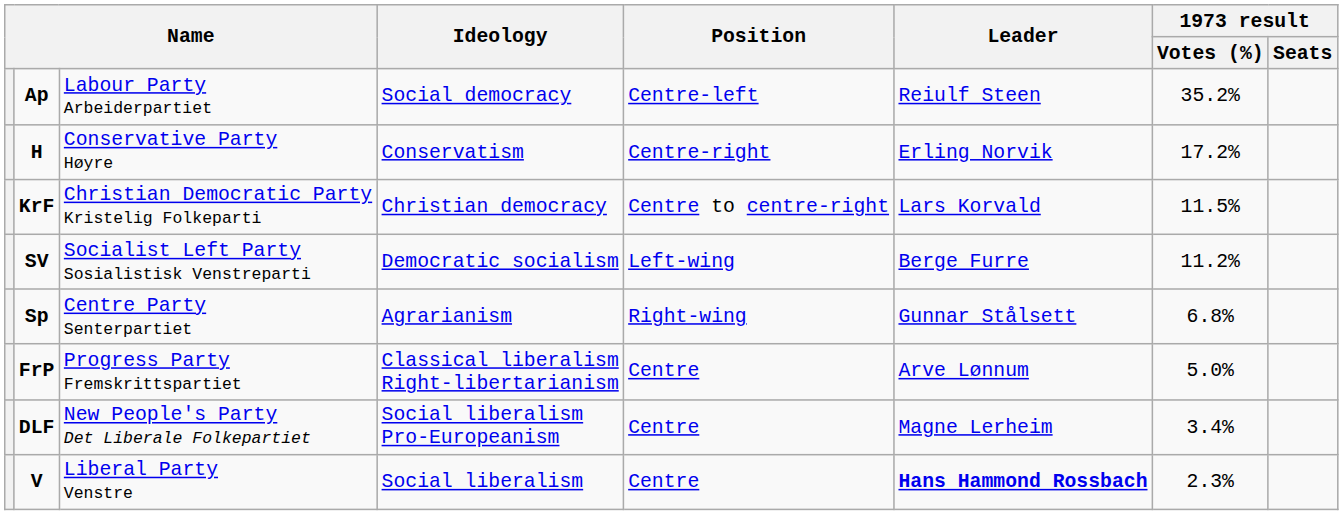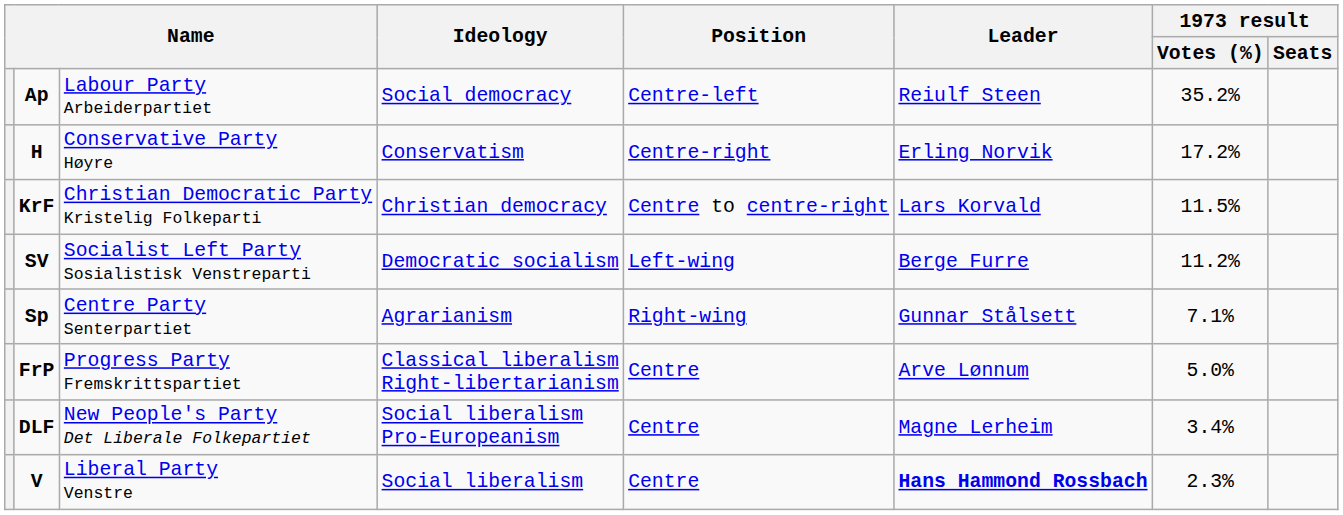 <table class="wikitable">
 <tr>
 <th rowspan=2 colspan=3 width=225px>Name</th>
 <th rowspan=2>Ideology</th>
 <th rowspan=2>Position</th>
 <th rowspan=2>Leader</th>
 <th colspan=2>1973 result</th>
 </tr>
 <tr>
 <th>Votes (%)</th>
 <th>Seats</th>
 </tr>
 <tr>
 <th style="background:"></th>
 <td align=center><strong>Ap</strong></td>
 <td><a href='#'>Labour Party</a><br><small>Arbeiderpartiet</small></td>
 <td><a href='#'>Social democracy</a></td>
 <td><a href='#'>Centre-left</a></td>
 <td><a href='#'>Reiulf Steen</a></td>
 <td align=center>35.2%</td>
 <td></td>
 </tr>
 <tr>
 <th style="background:"></th>
 <td align=center><strong>H</strong></td>
 <td><a href='#'>Conservative Party</a><br><small>Høyre</small></td>
 <td><a href='#'>Conservatism</a></td>
 <td><a href='#'>Centre-right</a></td>
 <td><a href='#'>Erling Norvik</a></td>
 <td align=center>17.2%</td>
 <td></td>
 </tr>
 <tr>
 <th style="background:"></th>
 <td align="center"><strong>KrF</strong></td>
 <td><a href='#'>Christian Democratic Party</a><br><small>Kristelig Folkeparti</small></td>
 <td><a href='#'>Christian democracy</a></td>
 <td><a href='#'>Centre</a> to <a href='#'>centre-right</a></td>
 <td><a href='#'>Lars Korvald</a></td>
 <td align="center">11.5%</td>
 <td></td>
 </tr>
 <tr>
 <th style="background:"></th>
 <td align="center"><strong>SV</strong></td>
 <td><a href='#'>Socialist Left Party</a><br><small>Sosialistisk Venstreparti</small></td>
 <td><a href='#'>Democratic socialism</a></td>
 <td><a href='#'>Left-wing</a></td>
 <td><a href='#'>Berge Furre</a></td>
 <td align="center">11.2%</td>
 <td></td>
 </tr>
 <tr>
 <th style="background:"></th>
 <td align="center"><strong>Sp</strong></td>
 <td><a href='#'>Centre Party</a><br><small>Senterpartiet</small></td>
 <td><a href='#'>Agrarianism</a></td>
 <td><a href='#'>Right-wing</a></td>
 <td><a href='#'>Gunnar Stålsett</a></td>
-<td align="center">6.8%</td>
+<td align="center">7.1%</td>
 <td></td>
 </tr>
 <tr>
 <th style="background:"></th>
 <td align="center"><strong>FrP</strong></td>
 <td><a href='#'>Progress Party</a><br><small>Fremskrittspartiet</small></td>
 <td><a href='#'>Classical liberalism</a><br><a href='#'>Right-libertarianism</a></td>
 <td><a href='#'>Centre</a></td>
 <td><a href='#'>Arve Lønnum</a></td>
 <td align="center">5.0%</td>
 <td></td>
 </tr>
 <tr>
 <th style="background:"></th>
 <td align="center"><strong>DLF</strong></td>
 <td><a href='#'>New People's Party</a><br><small><em>Det Liberale Folkepartiet</em></small></td>
 <td><a href='#'>Social liberalism</a><br><a href='#'>Pro-Europeanism</a></td>
 <td><a href='#'>Centre</a></td>
 <td><a href='#'>Magne Lerheim</a></td>
 <td align="center">3.4%</td>
 <td></td>
 </tr>
 <tr>
 <th style="background:"></th>
 <td align="center"><strong>V</strong></td>
 <td><a href='#'>Liberal Party</a><br><small>Venstre</small></td>
 <td><a href='#'>Social liberalism</a></td>
 <td><a href='#'>Centre</a></td>
 <td><strong><a href='#'>Hans Hammond Rossbach</a></strong></td>
 <td align="center">2.3%</td>
 <td></td>
 </tr>
 </table>
